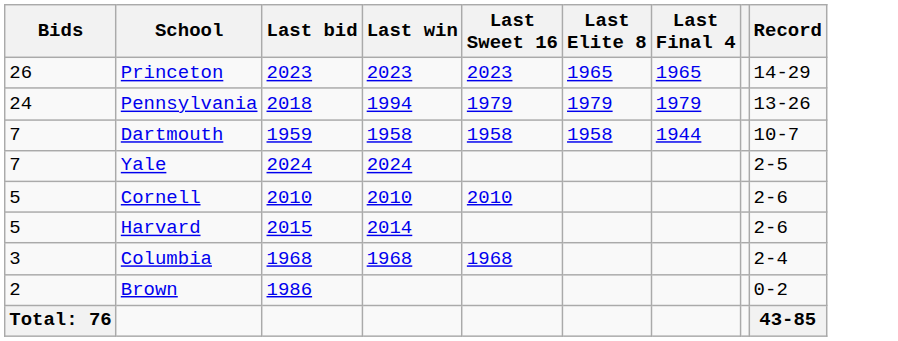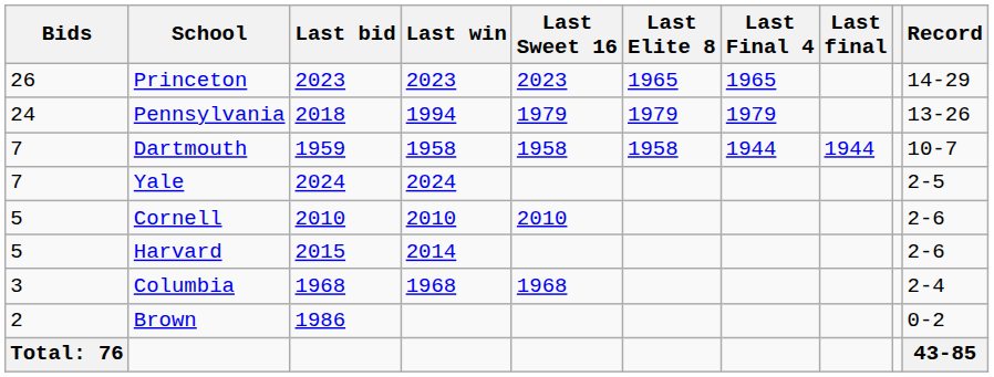 <table class="wikitable sortable">
 <tr>
 <th width=px>Bids</th>
 <th width=px>School</th>
 <th width=px>Last bid</th>
 <th width=px>Last win</th>
 <th width=px>Last<br> Sweet 16</th>
 <th width=px>Last<br> Elite 8</th>
 <th width=px>Last<br> Final 4</th>
+<th width=px>Last<br>final</th>
 <th width=px></th>
 <th width=px>Record</th>
 </tr>
 <tr>
 <td>26</td>
 <td><a href='#'>Princeton</a></td>
 <td><a href='#'>2023</a></td>
 <td><a href='#'>2023</a></td>
 <td><a href='#'>2023</a></td>
 <td><a href='#'>1965</a></td>
 <td><a href='#'>1965</a></td>
 <td></td>
+<td></td>
 <td>14-29</td>
 </tr>
 <tr>
 <td>24</td>
 <td><a href='#'>Pennsylvania</a></td>
 <td><a href='#'>2018</a></td>
 <td><a href='#'>1994</a></td>
 <td><a href='#'>1979</a></td>
 <td><a href='#'>1979</a></td>
 <td><a href='#'>1979</a></td>
 <td></td>
+<td></td>
 <td>13-26</td>
 </tr>
 <tr>
 <td>7</td>
 <td><a href='#'>Dartmouth</a></td>
 <td><a href='#'>1959</a></td>
 <td><a href='#'>1958</a></td>
 <td><a href='#'>1958</a></td>
 <td><a href='#'>1958</a></td>
 <td><a href='#'>1944</a></td>
+<td><a href='#'>1944</a></td>
 <td></td>
 <td>10-7</td>
 </tr>
 <tr>
 <td>7</td>
 <td><a href='#'>Yale</a></td>
 <td><a href='#'>2024</a></td>
 <td><a href='#'>2024</a></td>
+<td></td>
 <td></td>
 <td></td>
 <td></td>
 <td></td>
 <td>2-5</td>
 </tr>
 <tr>
 <td>5</td>
 <td><a href='#'>Cornell</a></td>
 <td><a href='#'>2010</a></td>
 <td><a href='#'>2010</a></td>
 <td><a href='#'>2010</a></td>
 <td></td>
 <td></td>
 <td></td>
+<td></td>
 <td>2-6</td>
 </tr>
 <tr>
 <td>5</td>
 <td><a href='#'>Harvard</a></td>
 <td><a href='#'>2015</a></td>
 <td><a href='#'>2014</a></td>
+<td></td>
 <td></td>
 <td></td>
 <td></td>
 <td></td>
 <td>2-6</td>
 </tr>
 <tr>
 <td>3</td>
 <td><a href='#'>Columbia</a></td>
 <td><a href='#'>1968</a></td>
 <td><a href='#'>1968</a></td>
 <td><a href='#'>1968</a></td>
 <td></td>
 <td></td>
 <td></td>
+<td></td>
 <td>2-4</td>
 </tr>
 <tr>
 <td>2</td>
 <td><a href='#'>Brown</a></td>
 <td><a href='#'>1986</a></td>
+<td></td>
 <td></td>
 <td></td>
 <td></td>
 <td></td>
 <td></td>
 <td>0-2</td>
 </tr>
 <tr>
 <th>Total: 76</th>
 <td></td>
 <td></td>
 <td></td>
 <td></td>
 <td></td>
 <td></td>
 <td></td>
+<td></td>
 <th>43-85</th>
 </tr>
 </table>
